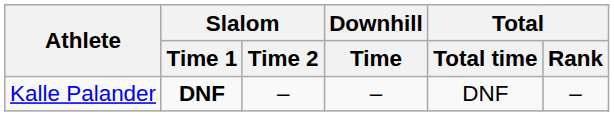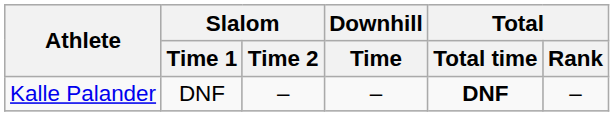 <table class="wikitable" style="font-size:90%">
 <tr>
 <th rowspan="2">Athlete</th>
 <th colspan="2">Slalom</th>
 <th>Downhill</th>
 <th colspan="2">Total</th>
 </tr>
 <tr>
 <th>Time 1</th>
 <th>Time 2</th>
 <th>Time</th>
 <th>Total time</th>
 <th>Rank</th>
 </tr>
 <tr>
 <td><a href='#'>Kalle Palander</a></td>
-<td align="center"><strong>DNF</strong></td>
+<td align="center">DNF</td>
 <td align="center">–</td>
 <td align="center">–</td>
-<td align="center">DNF</td>
+<td align="center"><strong>DNF</strong></td>
 <td align="center">–</td>
 </tr>
 </table>
